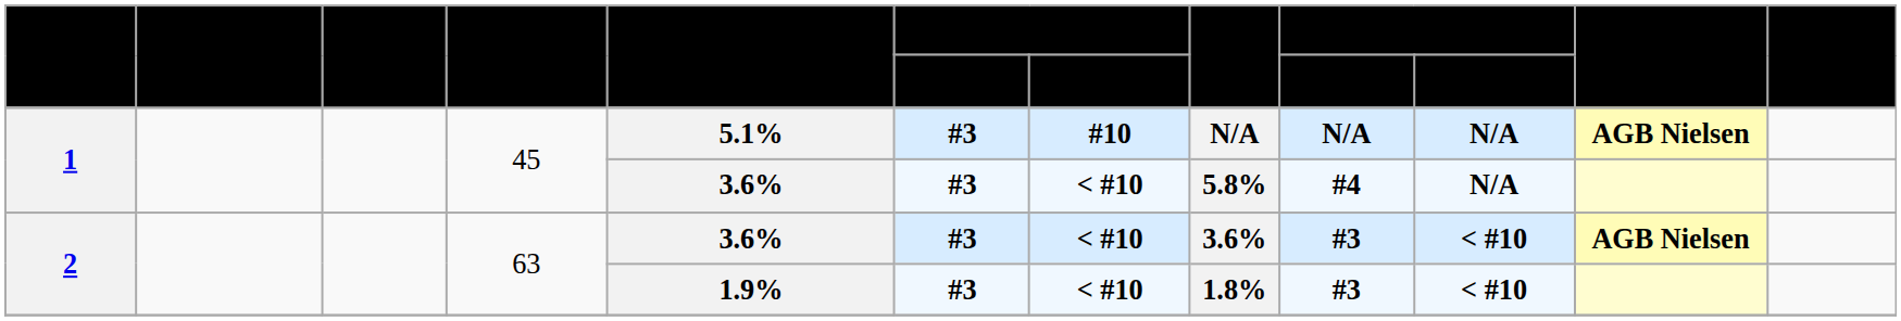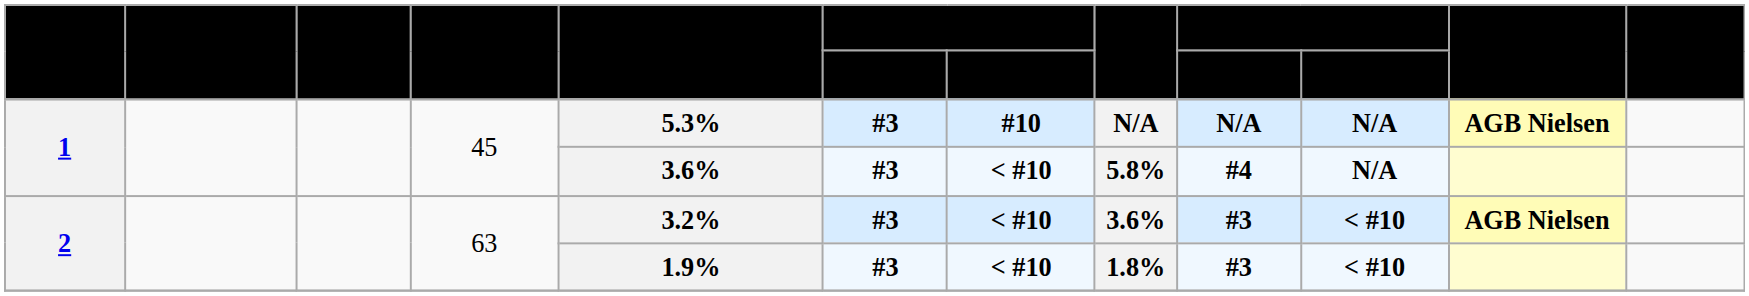 <table class="wikitable" style="text-align:center; font-size:100%; line-height:16px; margin:1em auto" width="100%">
 <tr>
 <th style="background:black;" rowspan="2"><span>Season</span></th>
 <th style="background:black;" rowspan="2"><span>Premiered</span></th>
 <th style="background:black;" rowspan="2"><span>Ended</span></th>
 <th style="background:black;" rowspan="2"><span>Episodes</span></th>
 <th style="background:black;" rowspan="2"><span>Season Premiere</span></th>
 <th style="background:black;" colspan="2"><span>Rank</span></th>
 <th style="background:black;" rowspan="2"><span></span></th>
 <th style="background:black;" colspan="2"><span>Rank</span></th>
 <th style="background:black;" rowspan="2"><span>Media</span></th>
 <th style="background:black;" rowspan="2"><span>Source</span></th>
 </tr>
 <tr>
 <th style="background:black;"><span><small>Timeslot</small></span></th>
 <th style="background:black;"><span><small>Primetime</small></span></th>
 <th style="background:black;"><span><small>Timeslot</small></span></th>
 <th style="background:black;"><span><small>Primetime</small></span></th>
 </tr>
 <tr align="center">
 <th rowspan="2"><small><a href='#'>1</a></small></th>
 <td rowspan="2"><small></small></td>
 <td rowspan="2"><small></small></td>
 <td rowspan="2"><small>45</small></td>
-<th><small>5.1%</small></th>
+<th><small>5.3%</small></th>
 <th style="background:#D7ECFF"><small>#3</small></th>
 <th style="background:#D7ECFF"><small>#10</small></th>
 <th><small>N/A</small></th>
 <th style="background:#D7ECFF"><small>N/A</small></th>
 <th style="background:#D7ECFF"><small>N/A</small></th>
 <th style="background:#FFFCB7"><small>AGB Nielsen</small></th>
 <td></td>
 </tr>
 <tr>
 <th><small>3.6%</small></th>
 <th style="background:#F0F8FF"><small>#3</small></th>
 <th style="background:#F0F8FF"><small>< #10</small></th>
 <th><small>5.8%</small></th>
 <th style="background:#F0F8FF"><small>#4</small></th>
 <th style="background:#F0F8FF"><small>N/A</small></th>
 <th style="background:#FFFDD0"><small></small></th>
 <td></td>
 </tr>
 <tr align="center">
 <th rowspan="2"><small><a href='#'>2</a></small></th>
 <td rowspan="2"><small></small></td>
 <td rowspan="2"><small></small></td>
 <td rowspan="2"><small>63</small></td>
-<th><small>3.6%</small></th>
+<th><small>3.2%</small></th>
 <th style="background:#D7ECFF"><small>#3</small></th>
 <th style="background:#D7ECFF"><small>< #10</small></th>
 <th><small>3.6%</small></th>
 <th style="background:#D7ECFF"><small>#3</small></th>
 <th style="background:#D7ECFF"><small>< #10</small></th>
 <th style="background:#FFFCB7"><small>AGB Nielsen</small></th>
 <td></td>
 </tr>
 <tr>
 <th><small>1.9%</small></th>
 <th style="background:#F0F8FF"><small>#3</small></th>
 <th style="background:#F0F8FF"><small>< #10</small></th>
 <th><small>1.8%</small></th>
 <th style="background:#F0F8FF"><small>#3</small></th>
 <th style="background:#F0F8FF"><small>< #10</small></th>
 <th style="background:#FFFDD0"><small></small></th>
 <td></td>
 </tr>
 <tr>
 </tr>
 </table>
